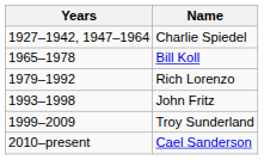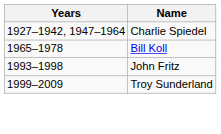 <table class="wikitable">
 <tr>
 <th>Years</th>
 <th>Name</th>
 </tr>
 <tr>
 <td>1927–1942, 1947–1964</td>
 <td>Charlie Spiedel</td>
 </tr>
 <tr>
 <td>1965–1978</td>
 <td><a href='#'>Bill Koll</a></td>
 </tr>
 <tr>
-<td>1979–1992</td>
-<td>Rich Lorenzo</td>
-</tr>
-<tr>
 <td>1993–1998</td>
 <td>John Fritz</td>
 </tr>
 <tr>
 <td>1999–2009</td>
 <td>Troy Sunderland</td>
 </tr>
-<tr>
-<td>2010–present</td>
-<td><a href='#'>Cael Sanderson</a></td>
-</tr>
 </table>
